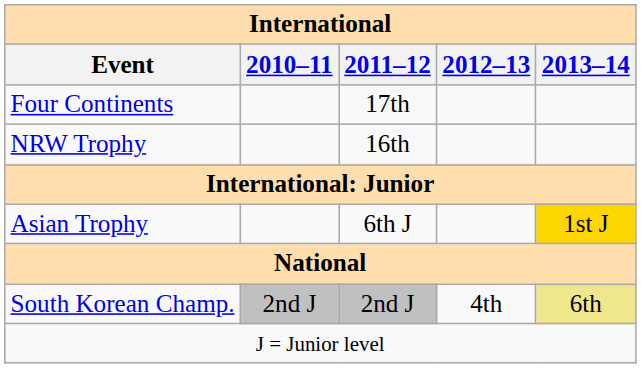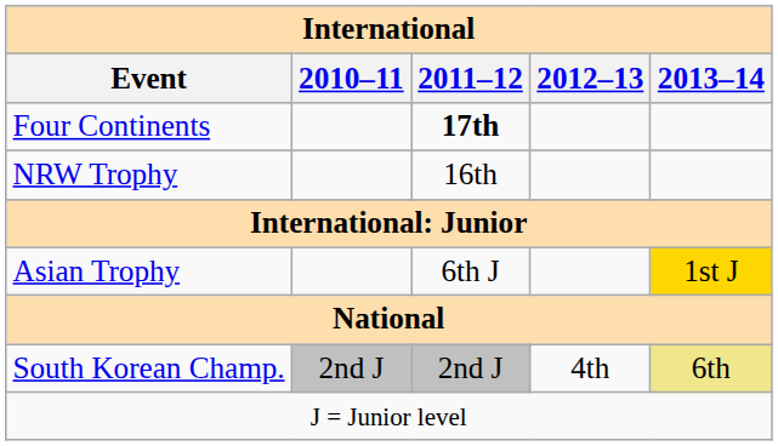 <table class="wikitable" style="text-align:center">
 <tr>
 <th style="background-color: #ffdead; " colspan=7 align=center>International</th>
 </tr>
 <tr>
 <th>Event</th>
 <th><a href='#'>2010–11</a></th>
 <th><a href='#'>2011–12</a></th>
 <th><a href='#'>2012–13</a></th>
 <th><a href='#'>2013–14</a></th>
 </tr>
 <tr>
 <td align=left><a href='#'>Four Continents</a></td>
 <td></td>
-<td>17th</td>
+<td><strong>17th</strong></td>
 <td></td>
 <td></td>
 </tr>
 <tr>
 <td align=left><a href='#'>NRW Trophy</a></td>
 <td></td>
 <td>16th</td>
 <td></td>
 <td></td>
 </tr>
 <tr>
 <th style="background-color: #ffdead; " colspan=5 align=center>International: Junior</th>
 </tr>
 <tr>
 <td align=left><a href='#'>Asian Trophy</a></td>
 <td></td>
 <td>6th J</td>
 <td></td>
 <td bgcolor=gold>1st J</td>
 </tr>
 <tr>
 <th style="background-color:#ffdead;" colspan=5 align=center>National</th>
 </tr>
 <tr>
 <td align=left><a href='#'>South Korean Champ.</a></td>
 <td bgcolor=silver>2nd J</td>
 <td bgcolor=silver>2nd J</td>
 <td>4th</td>
 <td style="background: khaki;">6th</td>
 </tr>
 <tr>
 <td colspan=5 align=center><small> J = Junior level </small></td>
 </tr>
 </table>
